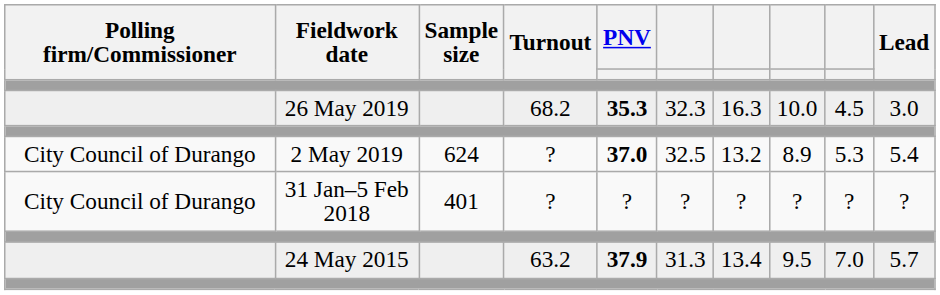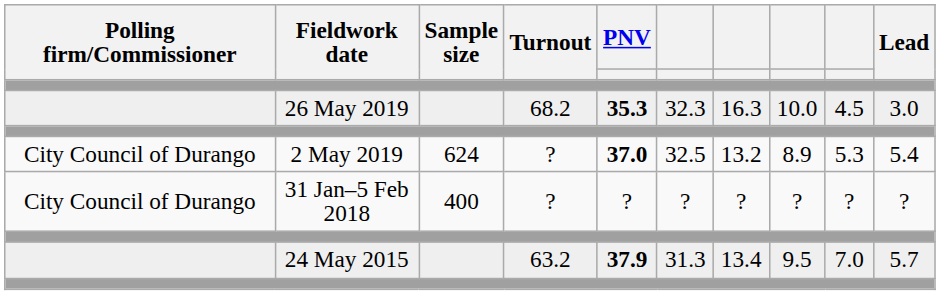 <table class="wikitable collapsible collapsed" style="text-align:center; font-size:95%; line-height:16px;">
 <tr style="height:42px;">
 <th style="width:250px;" rowspan="2">Polling firm/Commissioner</th>
 <th style="width:125px;" rowspan="2">Fieldwork date</th>
 <th style="width:50px;" rowspan="2">Sample size</th>
 <th style="width:45px;" rowspan="2">Turnout</th>
 <th style="width:35px;"><a href='#'>PNV</a></th>
 <th style="width:35px;"></th>
 <th style="width:35px;"></th>
 <th style="width:35px;"></th>
 <th style="width:35px;"></th>
 <th style="width:30px;" rowspan="2">Lead</th>
 </tr>
 <tr>
 <th style="color:inherit;background:"></th>
 <th style="color:inherit;background:"></th>
 <th style="color:inherit;background:"></th>
 <th style="color:inherit;background:"></th>
 <th style="color:inherit;background:"></th>
 </tr>
 <tr>
 <td colspan="10" style="background:#A0A0A0"></td>
 </tr>
 <tr style="background:#EFEFEF;">
 <td><strong></strong></td>
 <td>26 May 2019</td>
 <td></td>
 <td>68.2</td>
 <td><strong>35.3</strong><br></td>
 <td>32.3<br></td>
 <td>16.3<br></td>
 <td>10.0<br></td>
 <td>4.5<br></td>
 <td style="background:">3.0</td>
 </tr>
 <tr>
 <td colspan="10" style="background:#A0A0A0"></td>
 </tr>
 <tr>
 <td>City Council of Durango</td>
 <td>2 May 2019</td>
 <td>624</td>
 <td>?</td>
 <td><strong>37.0</strong><br></td>
 <td>32.5<br></td>
 <td>13.2<br></td>
 <td>8.9<br></td>
 <td>5.3<br></td>
 <td style="background:">5.4</td>
 </tr>
 <tr>
 <td>City Council of Durango</td>
 <td>31 Jan–5 Feb 2018</td>
-<td>401</td>
+<td>400</td>
 <td>?</td>
 <td>?<br></td>
 <td>?<br></td>
 <td>?<br></td>
 <td>?<br></td>
 <td>?<br></td>
 <td style="background:">?</td>
 </tr>
 <tr>
 <td colspan="10" style="background:#A0A0A0"></td>
 </tr>
 <tr style="background:#EFEFEF;">
 <td><strong></strong></td>
 <td>24 May 2015</td>
 <td></td>
 <td>63.2</td>
 <td><strong>37.9</strong><br></td>
 <td>31.3<br></td>
 <td>13.4<br></td>
 <td>9.5<br></td>
 <td>7.0<br></td>
 <td style="background:">5.7</td>
 </tr>
 <tr>
 <td colspan="10" style="background:#A0A0A0"></td>
 </tr>
 </table>
